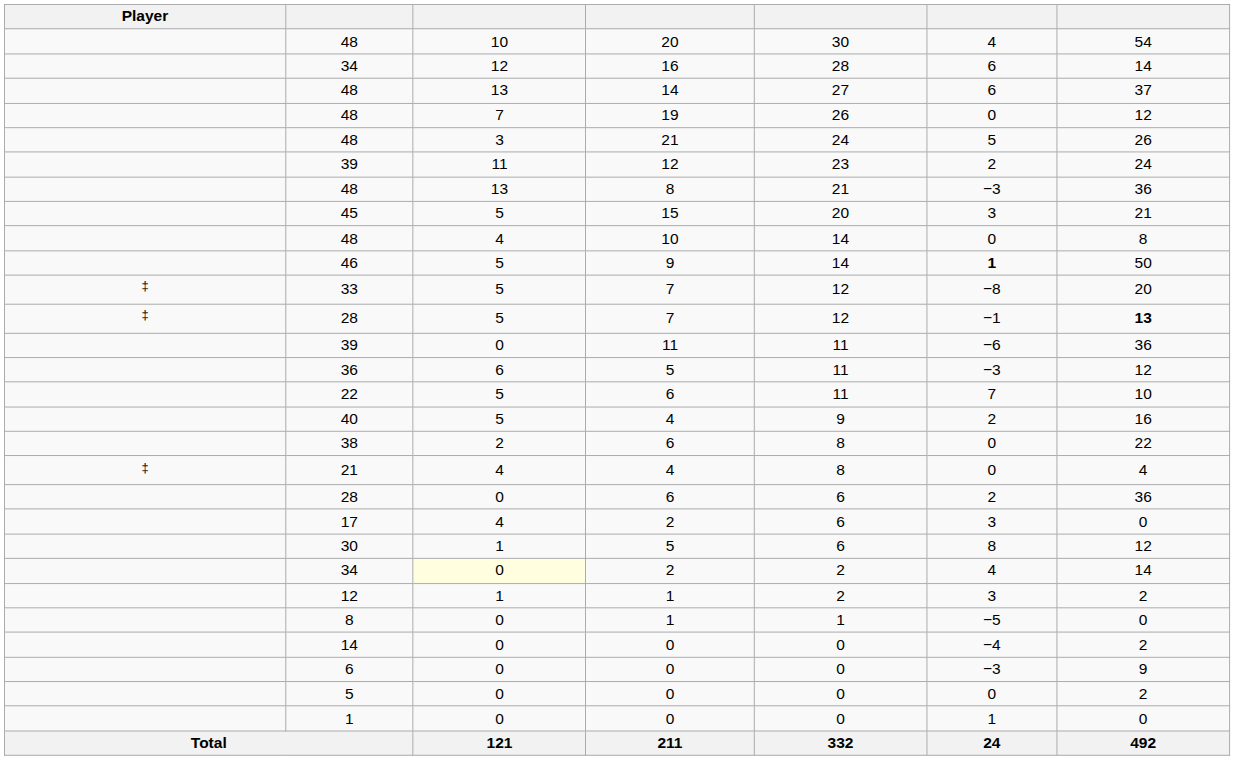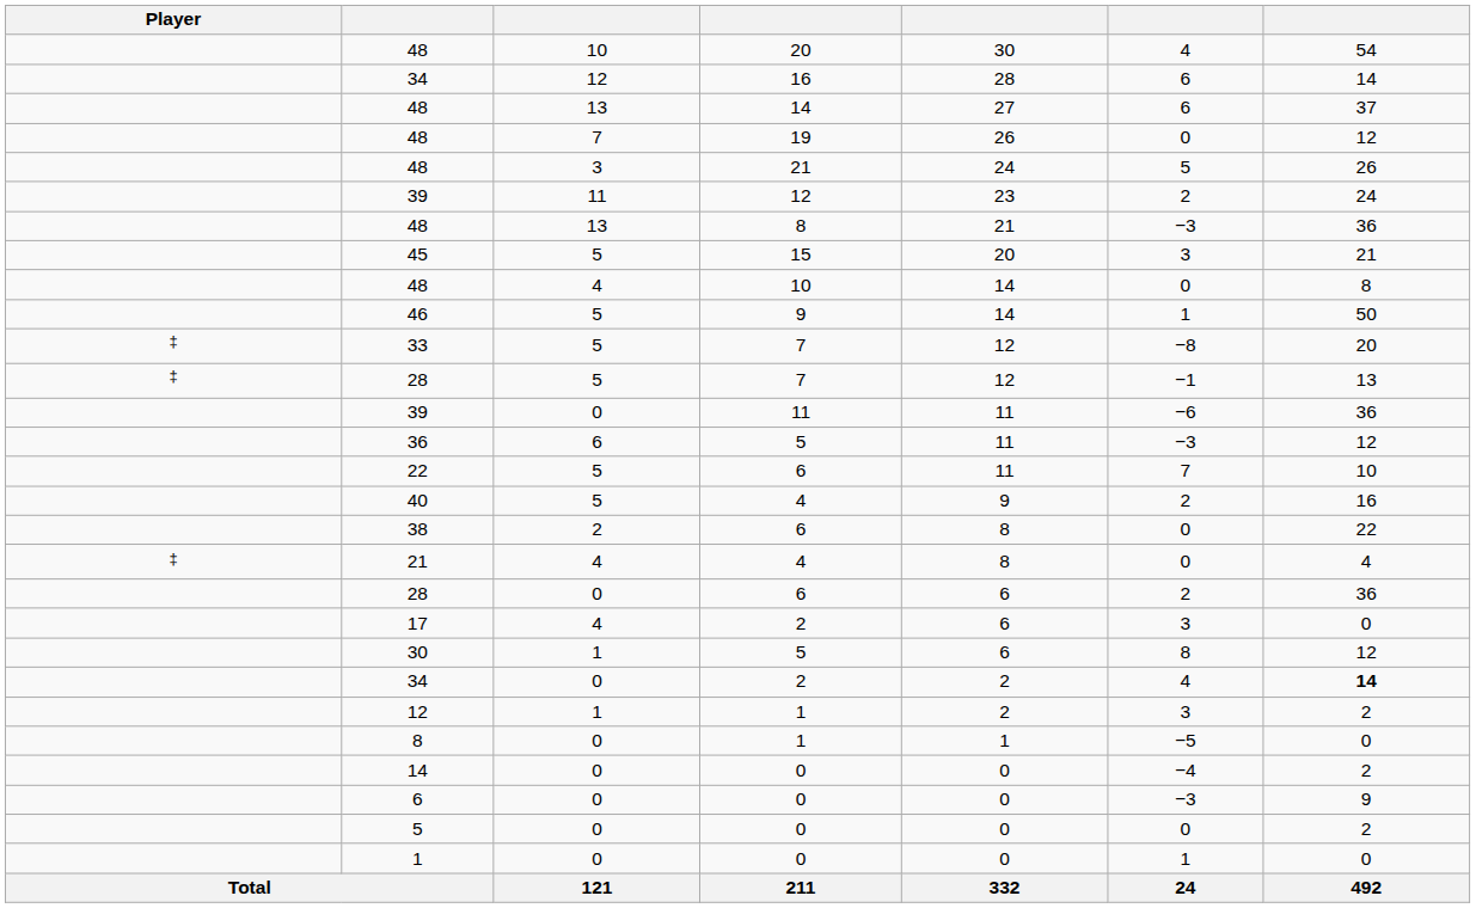 <table class="wikitable sortable" style="width:100%; text-align:center;">
 <tr>
 <th>Player</th>
 <th></th>
 <th></th>
 <th></th>
 <th></th>
 <th data-sort-type="number"></th>
 <th></th>
 </tr>
 <tr>
 <td></td>
 <td>48</td>
 <td>10</td>
 <td>20</td>
 <td>30</td>
 <td>4</td>
 <td>54</td>
 </tr>
 <tr>
 <td></td>
 <td>34</td>
 <td>12</td>
 <td>16</td>
 <td>28</td>
 <td>6</td>
 <td>14</td>
 </tr>
 <tr>
 <td></td>
 <td>48</td>
 <td>13</td>
 <td>14</td>
 <td>27</td>
 <td>6</td>
 <td>37</td>
 </tr>
 <tr>
 <td></td>
 <td>48</td>
 <td>7</td>
 <td>19</td>
 <td>26</td>
 <td>0</td>
 <td>12</td>
 </tr>
 <tr>
 <td></td>
 <td>48</td>
 <td>3</td>
 <td>21</td>
 <td>24</td>
 <td>5</td>
 <td>26</td>
 </tr>
 <tr>
 <td></td>
 <td>39</td>
 <td>11</td>
 <td>12</td>
 <td>23</td>
 <td>2</td>
 <td>24</td>
 </tr>
 <tr>
 <td></td>
 <td>48</td>
 <td>13</td>
 <td>8</td>
 <td>21</td>
 <td>−3</td>
 <td>36</td>
 </tr>
 <tr>
 <td></td>
 <td>45</td>
 <td>5</td>
 <td>15</td>
 <td>20</td>
 <td>3</td>
 <td>21</td>
 </tr>
 <tr>
 <td></td>
 <td>48</td>
 <td>4</td>
 <td>10</td>
 <td>14</td>
 <td>0</td>
 <td>8</td>
 </tr>
 <tr>
 <td></td>
 <td>46</td>
 <td>5</td>
 <td>9</td>
 <td>14</td>
-<td><strong>1</strong></td>
+<td>1</td>
 <td>50</td>
 </tr>
 <tr>
 <td><sup>‡</sup></td>
 <td>33</td>
 <td>5</td>
 <td>7</td>
 <td>12</td>
 <td>−8</td>
 <td>20</td>
 </tr>
 <tr>
 <td><sup>‡</sup></td>
 <td>28</td>
 <td>5</td>
 <td>7</td>
 <td>12</td>
 <td>−1</td>
-<td><strong>13</strong></td>
+<td>13</td>
 </tr>
 <tr>
 <td></td>
 <td>39</td>
 <td>0</td>
 <td>11</td>
 <td>11</td>
 <td>−6</td>
 <td>36</td>
 </tr>
 <tr>
 <td></td>
 <td>36</td>
 <td>6</td>
 <td>5</td>
 <td>11</td>
 <td>−3</td>
 <td>12</td>
 </tr>
 <tr>
 <td></td>
 <td>22</td>
 <td>5</td>
 <td>6</td>
 <td>11</td>
 <td>7</td>
 <td>10</td>
 </tr>
 <tr>
 <td></td>
 <td>40</td>
 <td>5</td>
 <td>4</td>
 <td>9</td>
 <td>2</td>
 <td>16</td>
 </tr>
 <tr>
 <td></td>
 <td>38</td>
 <td>2</td>
 <td>6</td>
 <td>8</td>
 <td>0</td>
 <td>22</td>
 </tr>
 <tr>
 <td><sup>‡</sup></td>
 <td>21</td>
 <td>4</td>
 <td>4</td>
 <td>8</td>
 <td>0</td>
 <td>4</td>
 </tr>
 <tr>
 <td></td>
 <td>28</td>
 <td>0</td>
 <td>6</td>
 <td>6</td>
 <td>2</td>
 <td>36</td>
 </tr>
 <tr>
 <td></td>
 <td>17</td>
 <td>4</td>
 <td>2</td>
 <td>6</td>
 <td>3</td>
 <td>0</td>
 </tr>
 <tr>
 <td></td>
 <td>30</td>
 <td>1</td>
 <td>5</td>
 <td>6</td>
 <td>8</td>
 <td>12</td>
 </tr>
 <tr>
 <td></td>
 <td>34</td>
-<td style="background: lightyellow;">0</td>
+<td>0</td>
 <td>2</td>
 <td>2</td>
 <td>4</td>
-<td>14</td>
+<td><strong>14</strong></td>
 </tr>
 <tr>
 <td></td>
 <td>12</td>
 <td>1</td>
 <td>1</td>
 <td>2</td>
 <td>3</td>
 <td>2</td>
 </tr>
 <tr>
 <td></td>
 <td>8</td>
 <td>0</td>
 <td>1</td>
 <td>1</td>
 <td>−5</td>
 <td>0</td>
 </tr>
 <tr>
 <td></td>
 <td>14</td>
 <td>0</td>
 <td>0</td>
 <td>0</td>
 <td>−4</td>
 <td>2</td>
 </tr>
 <tr>
 <td></td>
 <td>6</td>
 <td>0</td>
 <td>0</td>
 <td>0</td>
 <td>−3</td>
 <td>9</td>
 </tr>
 <tr>
 <td></td>
 <td>5</td>
 <td>0</td>
 <td>0</td>
 <td>0</td>
 <td>0</td>
 <td>2</td>
 </tr>
 <tr>
 <td></td>
 <td>1</td>
 <td>0</td>
 <td>0</td>
 <td>0</td>
 <td>1</td>
 <td>0</td>
 </tr>
 <tr class="unsortable">
 <th colspan=2>Total</th>
 <th>121</th>
 <th>211</th>
 <th>332</th>
 <th>24</th>
 <th>492</th>
 </tr>
 </table>
